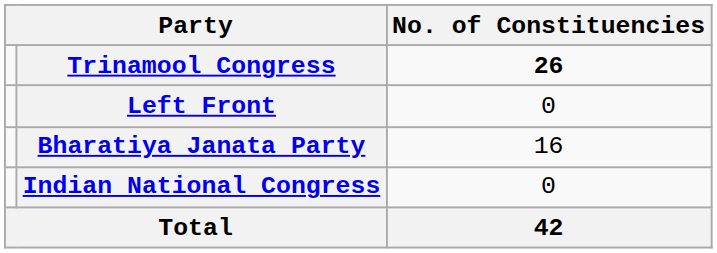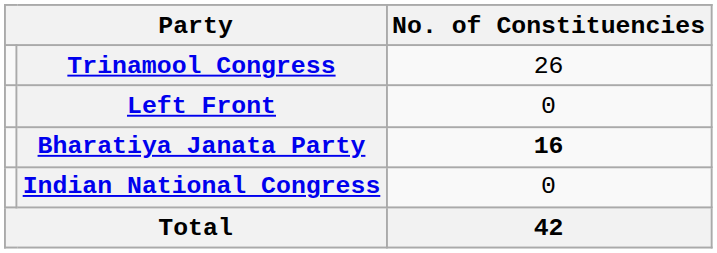 <table class="wikitable" style="text-align:center">
 <tr>
 <th colspan=2>Party</th>
 <th>No. of Constituencies</th>
 </tr>
 <tr>
 <td></td>
 <th><a href='#'>Trinamool Congress</a></th>
-<td><strong>26</strong></td>
+<td>26</td>
 </tr>
 <tr>
 <td></td>
 <th><a href='#'>Left Front</a></th>
 <td>0</td>
 </tr>
 <tr>
 <td></td>
 <th><a href='#'>Bharatiya Janata Party</a></th>
-<td>16</td>
+<td><strong>16</strong></td>
 </tr>
 <tr>
 <td></td>
 <th><a href='#'>Indian National Congress</a></th>
 <td>0</td>
 </tr>
 <tr>
 <th colspan=2>Total</th>
 <th colspan=2>42</th>
 </tr>
 </table>
